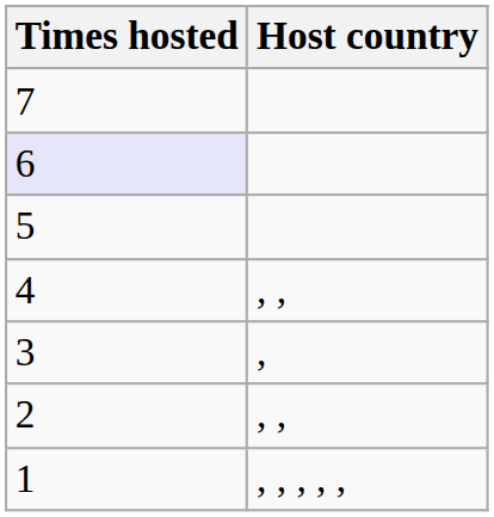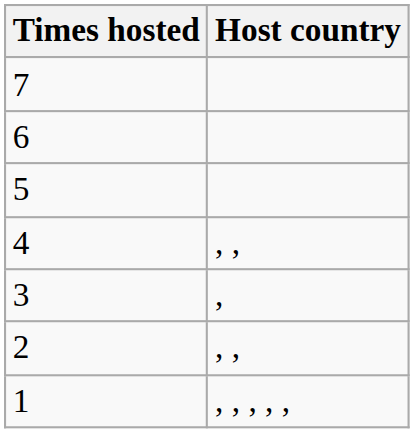 <table class="wikitable">
 <tr>
 <th>Times hosted</th>
 <th>Host country</th>
 </tr>
 <tr>
 <td>7</td>
 <td></td>
 </tr>
 <tr>
-<td style="background: lavender;">6</td>
+<td>6</td>
 <td></td>
 </tr>
 <tr>
 <td>5</td>
 <td></td>
 </tr>
 <tr>
 <td>4</td>
 <td>, , </td>
 </tr>
 <tr>
 <td>3</td>
 <td>, </td>
 </tr>
 <tr>
 <td>2</td>
 <td>, , </td>
 </tr>
 <tr>
 <td>1</td>
 <td>, ,  , ,  , </td>
 </tr>
 </table>
